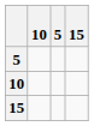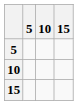 <table class="wikitable" style="vertical-align: bottom;">
 <tr>
 <th></th>
+<th><br>5</th>
 <th><br>10</th>
-<th><br>5</th>
 <th><br>15</th>
 </tr>
 <tr>
 <th>5 </th>
 <td></td>
 <td></td>
 <td></td>
 </tr>
 <tr>
 <th>10 </th>
 <td></td>
 <td></td>
 <td></td>
 </tr>
 <tr>
 <th>15 </th>
 <td></td>
 <td></td>
 <td></td>
 </tr>
 </table>
